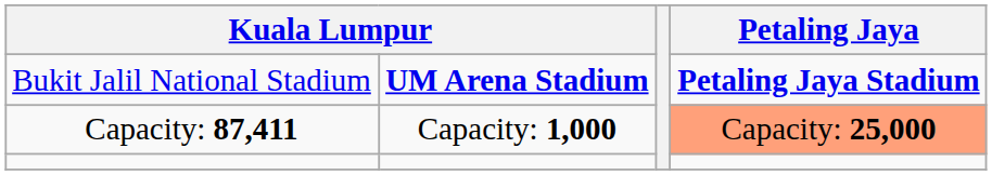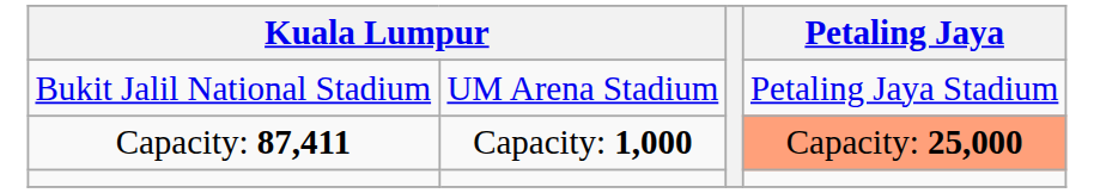 <table class="wikitable" style="margin:1em auto; text-align:center;">
 <tr>
 <th colspan="2"><strong><a href='#'>Kuala Lumpur</a></strong></th>
 <th rowspan="4" text-align="center"></th>
 <th><strong><a href='#'>Petaling Jaya</a></strong></th>
 </tr>
 <tr>
 <td><a href='#'>Bukit Jalil National Stadium</a></td>
-<td><strong><a href='#'>UM Arena Stadium</a></strong></td>
-<td><strong><a href='#'>Petaling Jaya Stadium</a></strong></td>
+<td><a href='#'>UM Arena Stadium</a></td>
+<td><a href='#'>Petaling Jaya Stadium</a></td>
 </tr>
 <tr>
 <td>Capacity: <strong>87,411</strong></td>
 <td>Capacity: <strong>1,000</strong></td>
 <td style="background: lightsalmon;">Capacity: <strong>25,000</strong></td>
 </tr>
 <tr>
 <td></td>
 <td></td>
 <td></td>
 </tr>
 </table>
